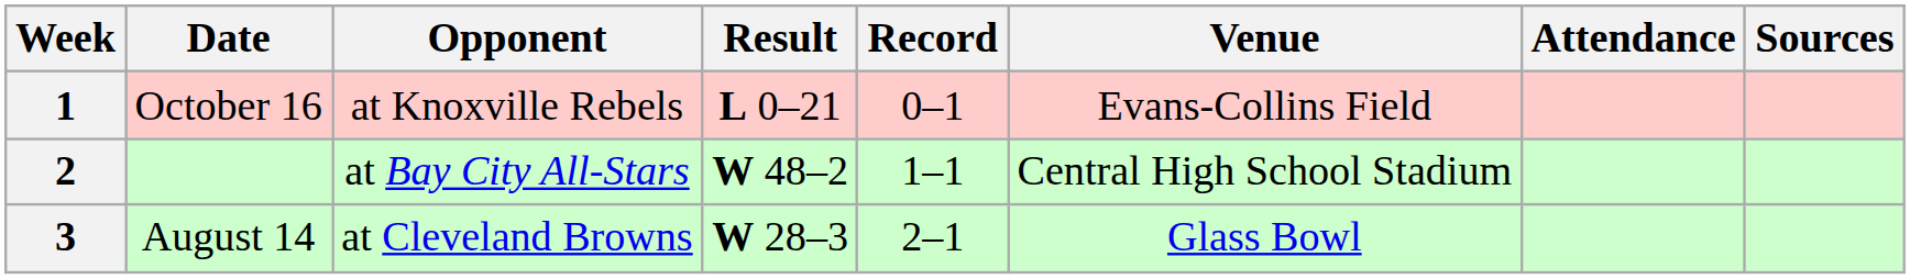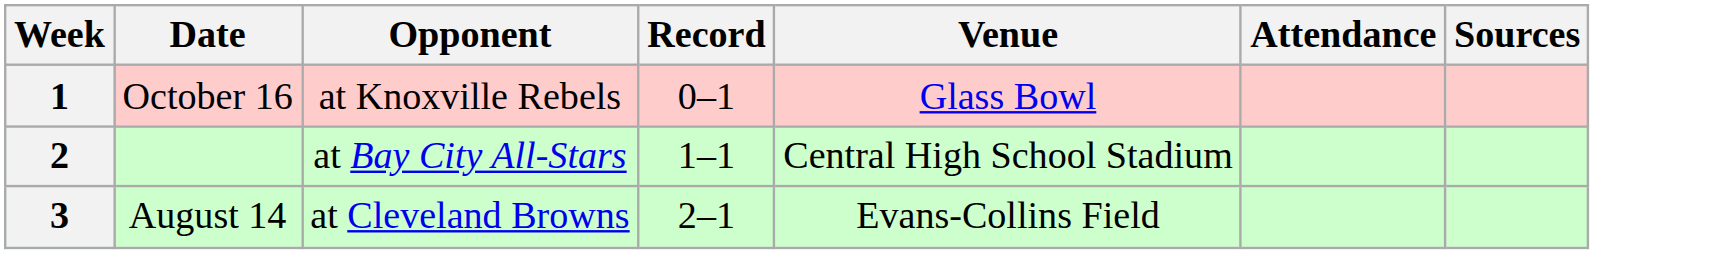 <table class="wikitable" style="text-align:center">
 <tr>
 <th>Week</th>
 <th>Date</th>
 <th>Opponent</th>
-<th>Result</th>
 <th>Record</th>
 <th>Venue</th>
 <th>Attendance</th>
 <th>Sources</th>
 </tr>
 <tr style="background:#fcc">
 <th>1</th>
 <td>October 16</td>
 <td>at Knoxville Rebels</td>
-<td><strong>L</strong> 0–21</td>
 <td>0–1</td>
-<td>Evans-Collins Field</td>
+<td><a href='#'>Glass Bowl</a></td>
 <td></td>
 <td></td>
 </tr>
 <tr style="background:#cfc">
 <th>2</th>
 <td></td>
 <td>at <em><a href='#'>Bay City All-Stars</a></em></td>
-<td><strong>W</strong> 48–2</td>
 <td>1–1</td>
 <td>Central High School Stadium</td>
 <td></td>
 <td></td>
 </tr>
 <tr style="background:#cfc">
 <th>3</th>
 <td>August 14</td>
 <td>at <a href='#'>Cleveland Browns</a></td>
-<td><strong>W</strong> 28–3</td>
 <td>2–1</td>
-<td><a href='#'>Glass Bowl</a></td>
+<td>Evans-Collins Field</td>
 <td></td>
 <td></td>
 </tr>
 </table>
